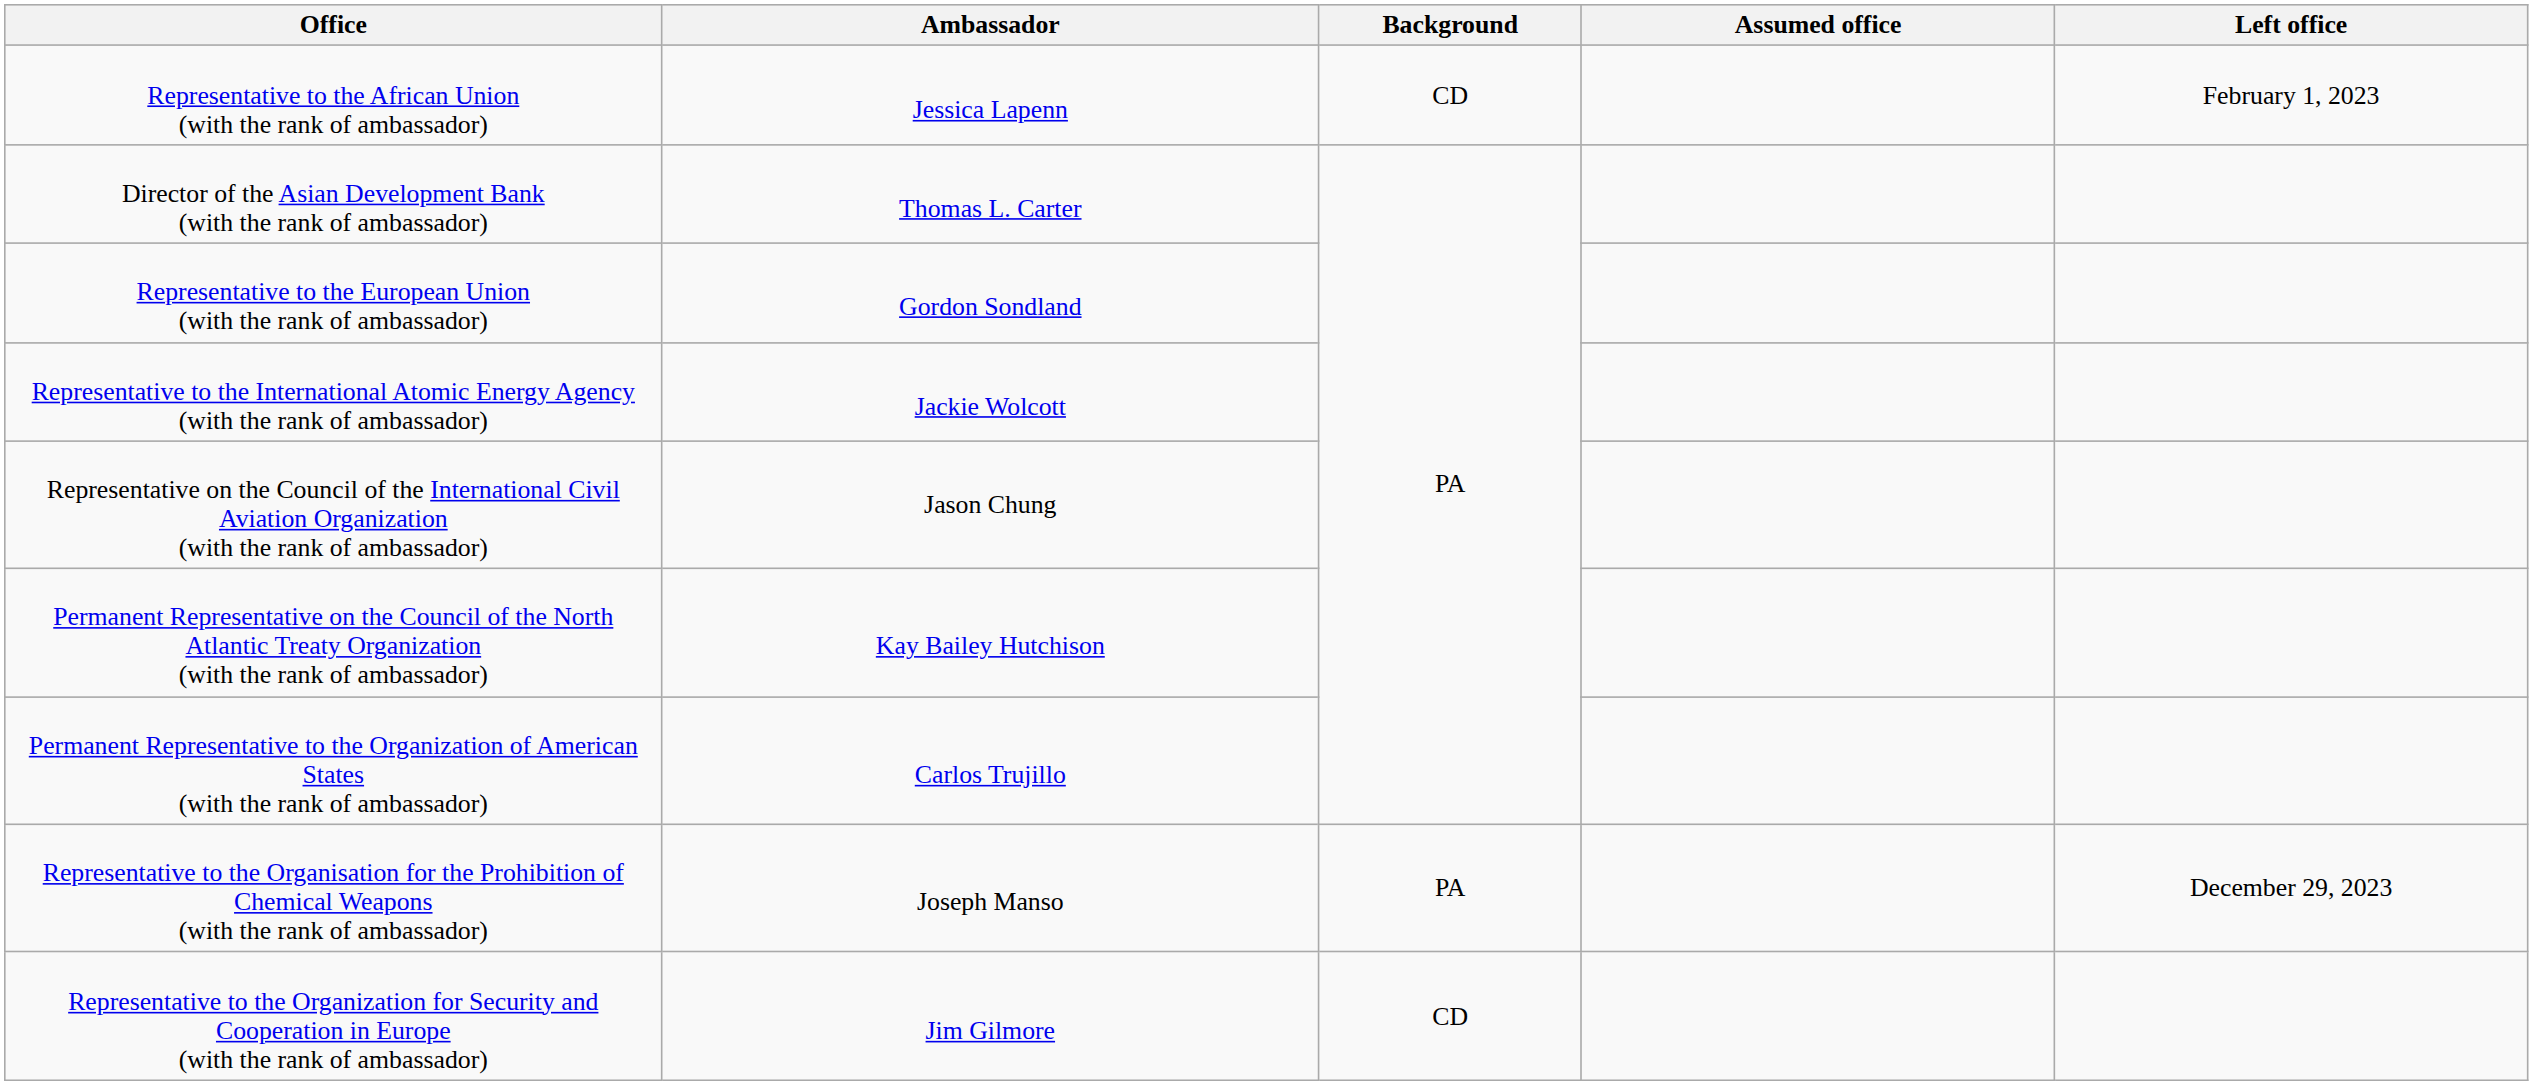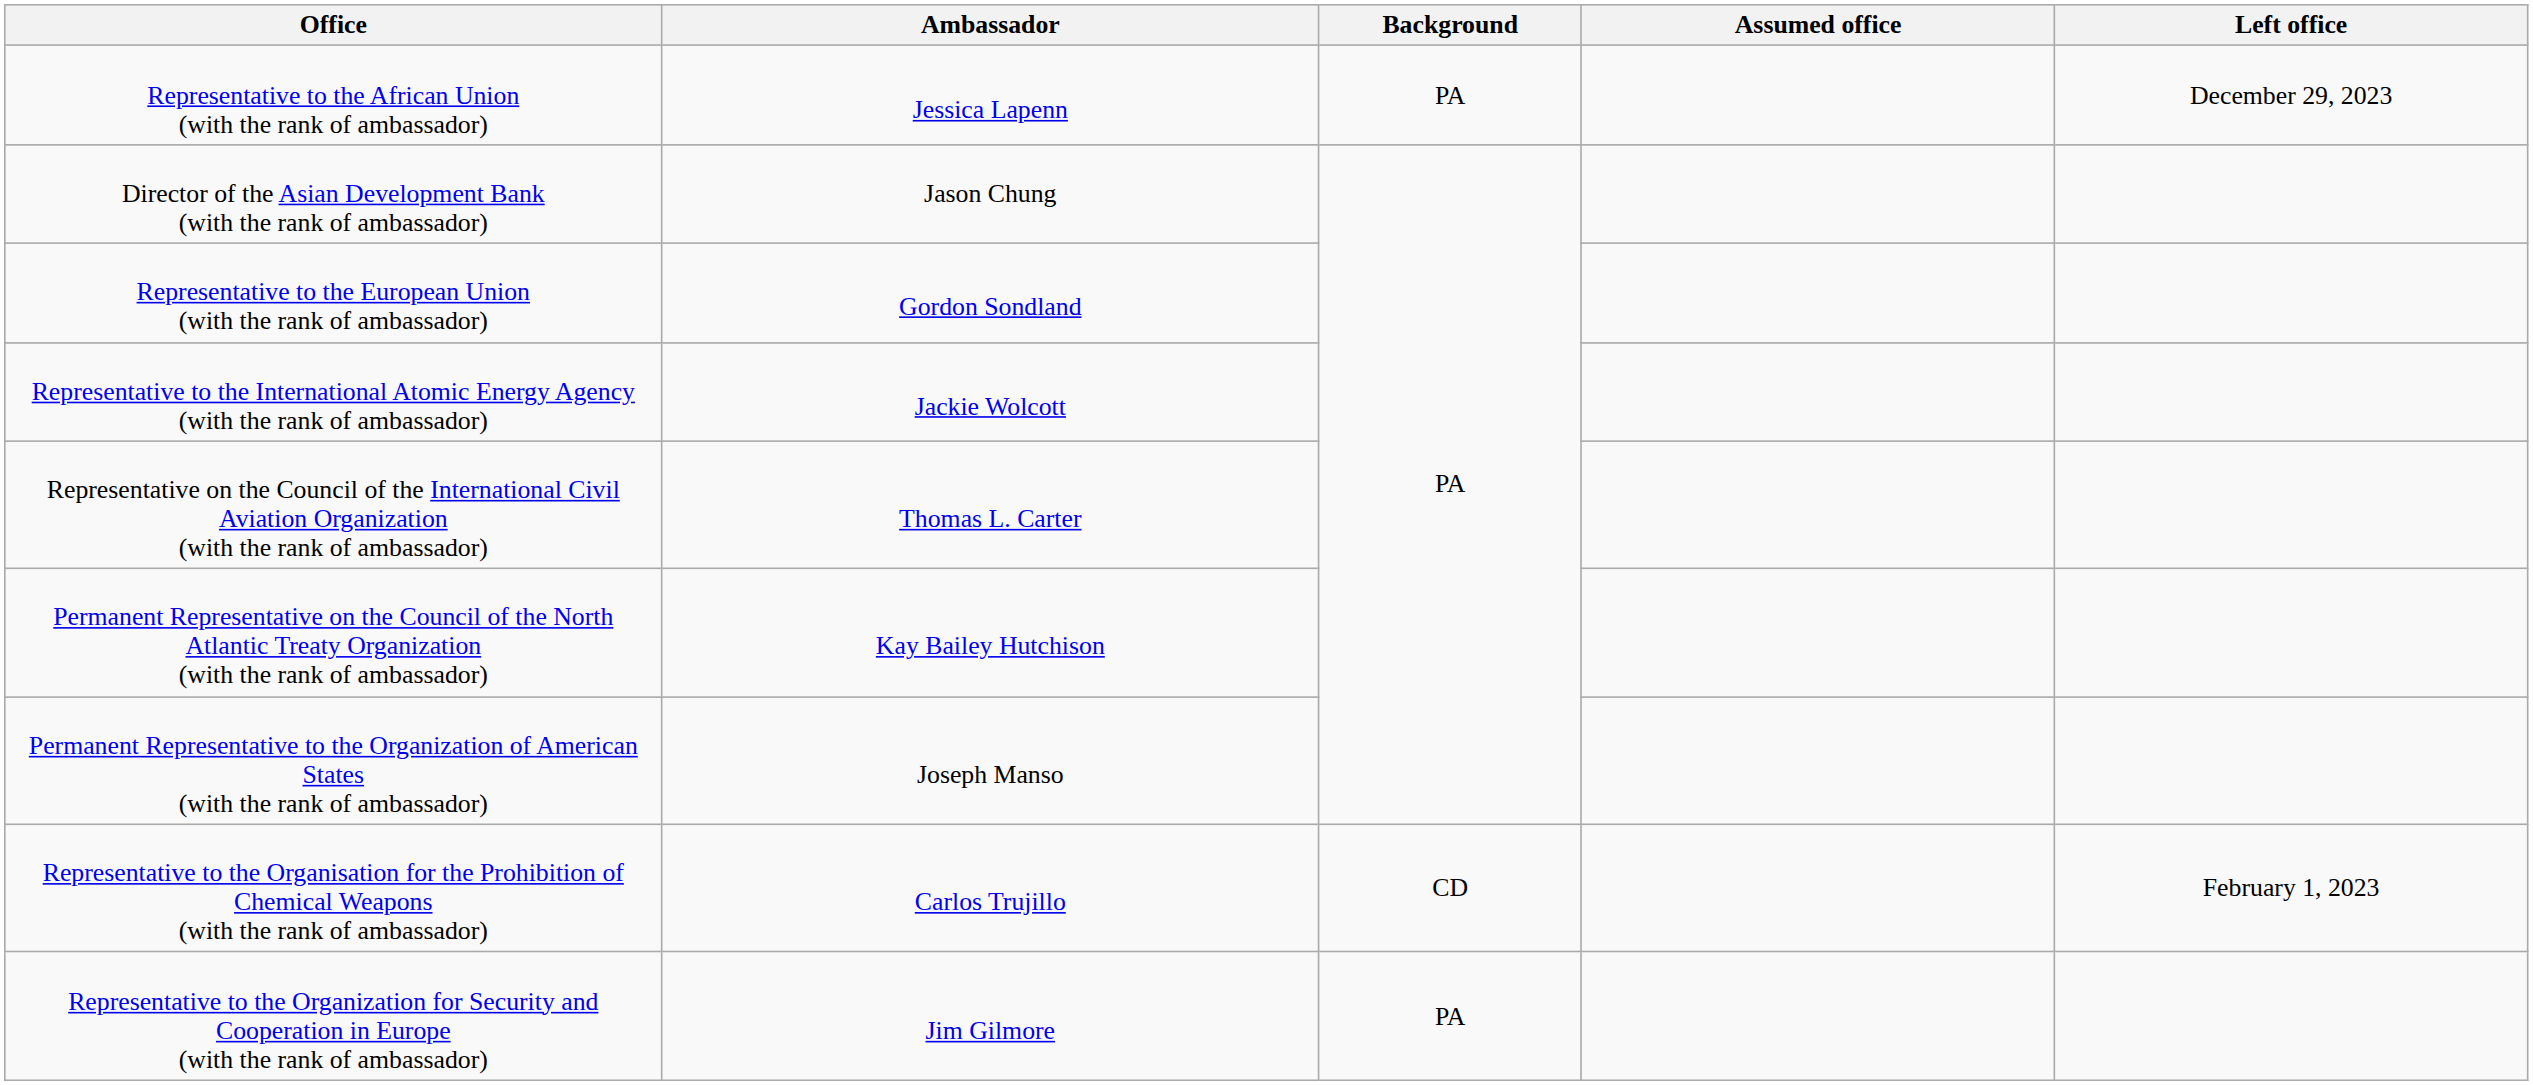 <table class="wikitable sortable" style="text-align:center">
 <tr>
 <th style="width:25%;">Office</th>
 <th style="width:25%;">Ambassador</th>
 <th style="width:10%;">Background</th>
 <th style="width:18%;">Assumed office</th>
 <th style="width:18%;">Left office</th>
 </tr>
 <tr>
 <td><br><a href='#'>Representative to the African Union</a><br>(with the rank of ambassador)</td>
 <td data-sort-value=Lapenn, Jessica><br><a href='#'>Jessica Lapenn</a></td>
-<td>CD</td>
+<td>PA</td>
 <td><br></td>
-<td>February 1, 2023</td>
+<td>December 29, 2023</td>
 </tr>
 <tr>
 <td><br>Director of the <a href='#'>Asian Development Bank</a><br>(with the rank of ambassador)</td>
-<td data-sort-value=Carter, Thomas L.><br><a href='#'>Thomas L. Carter</a></td>
+<td data-sort-value=Chung, Jason Myung-lk>Jason Chung</td>
 <td rowspan="6">PA</td>
 <td><br></td>
 <td></td>
 </tr>
 <tr>
 <td><br><a href='#'>Representative to the European Union</a><br>(with the rank of ambassador)</td>
 <td data-sort-value=Sondland, Gordon><br><a href='#'>Gordon Sondland</a></td>
 <td><br></td>
 <td></td>
 </tr>
 <tr>
 <td><br><a href='#'>Representative to the International Atomic Energy Agency</a><br>(with the rank of ambassador)</td>
 <td data-sort-value=Wolcott, Jackie><br><a href='#'>Jackie Wolcott</a></td>
 <td><br></td>
 <td></td>
 </tr>
 <tr>
 <td><br>Representative on the Council of the <a href='#'>International Civil Aviation Organization</a><br>(with the rank of ambassador)</td>
-<td data-sort-value=Chung, Jason Myung-lk>Jason Chung</td>
+<td data-sort-value=Carter, Thomas L.><br><a href='#'>Thomas L. Carter</a></td>
 <td><br></td>
 <td></td>
 </tr>
 <tr>
 <td><br><a href='#'>Permanent Representative on the Council of the North Atlantic Treaty Organization</a><br>(with the rank of ambassador)</td>
 <td data-sort-value=Hutchison, Kay Bailey><br><a href='#'>Kay Bailey Hutchison</a></td>
 <td><br></td>
 <td></td>
 </tr>
 <tr>
 <td><br><a href='#'>Permanent Representative to the Organization of American States</a><br>(with the rank of ambassador)</td>
-<td data-sort-value=Trujillo, Carlos><br><a href='#'>Carlos Trujillo</a></td>
+<td data-sort-value=Manso, Joseph><br>Joseph Manso</td>
 <td><br></td>
 <td></td>
 </tr>
 <tr>
 <td><br><a href='#'>Representative to the Organisation for the Prohibition of Chemical Weapons</a><br>(with the rank of ambassador)</td>
-<td data-sort-value=Manso, Joseph><br>Joseph Manso</td>
-<td>PA</td>
+<td data-sort-value=Trujillo, Carlos><br><a href='#'>Carlos Trujillo</a></td>
+<td>CD</td>
 <td><br></td>
-<td>December 29, 2023</td>
+<td>February 1, 2023</td>
 </tr>
 <tr>
 <td><br><a href='#'>Representative to the Organization for Security and Cooperation in Europe</a><br>(with the rank of ambassador)</td>
 <td data-sort-value=Gilmore, Jim><br><a href='#'>Jim Gilmore</a></td>
-<td>CD</td>
+<td>PA</td>
 <td><br></td>
 <td></td>
 </tr>
 </table>
